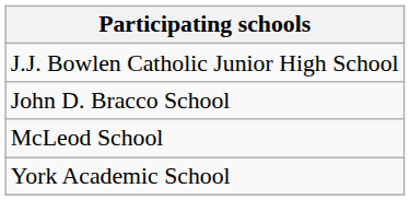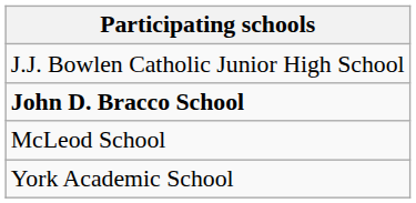 <table class="wikitable" align=right>
 <tr>
 <th>Participating schools</th>
 </tr>
 <tr>
 <td>J.J. Bowlen Catholic Junior High School</td>
 </tr>
 <tr>
-<td>John D. Bracco School</td>
+<td><strong>John D. Bracco School</strong></td>
 </tr>
 <tr>
 <td>McLeod School</td>
 </tr>
 <tr>
 <td>York Academic School</td>
 </tr>
 </table>
